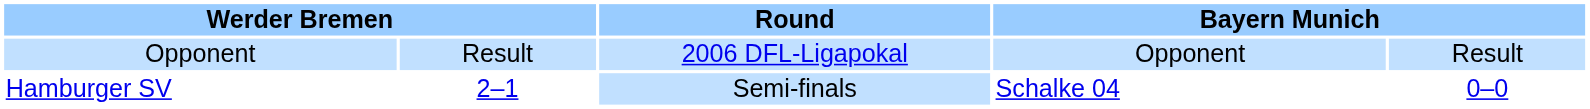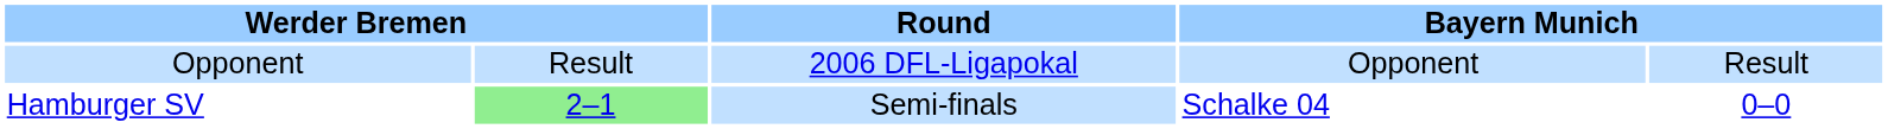 <table style="width:80%; text-align:center;">
 <tr style="vertical-align:top; background:#99CCFF;">
 <th colspan="2">Werder Bremen</th>
 <th style="width:20%">Round</th>
 <th colspan="2">Bayern Munich</th>
 </tr>
 <tr style="vertical-align:top; background:#C1E0FF;">
 <td style="width:20%">Opponent</td>
 <td style="width:10%">Result</td>
 <td><a href='#'>2006 DFL-Ligapokal</a></td>
 <td style="width:20%">Opponent</td>
 <td style="width:10%">Result</td>
 </tr>
 <tr>
 <td align="left"><a href='#'>Hamburger SV</a></td>
-<td><a href='#'>2–1</a></td>
+<td style="background: lightgreen;"><a href='#'>2–1</a></td>
 <td style="background:#C1E0FF;">Semi-finals</td>
 <td align="left"><a href='#'>Schalke 04</a></td>
 <td><a href='#'>0–0</a> </td>
 </tr>
 </table>
